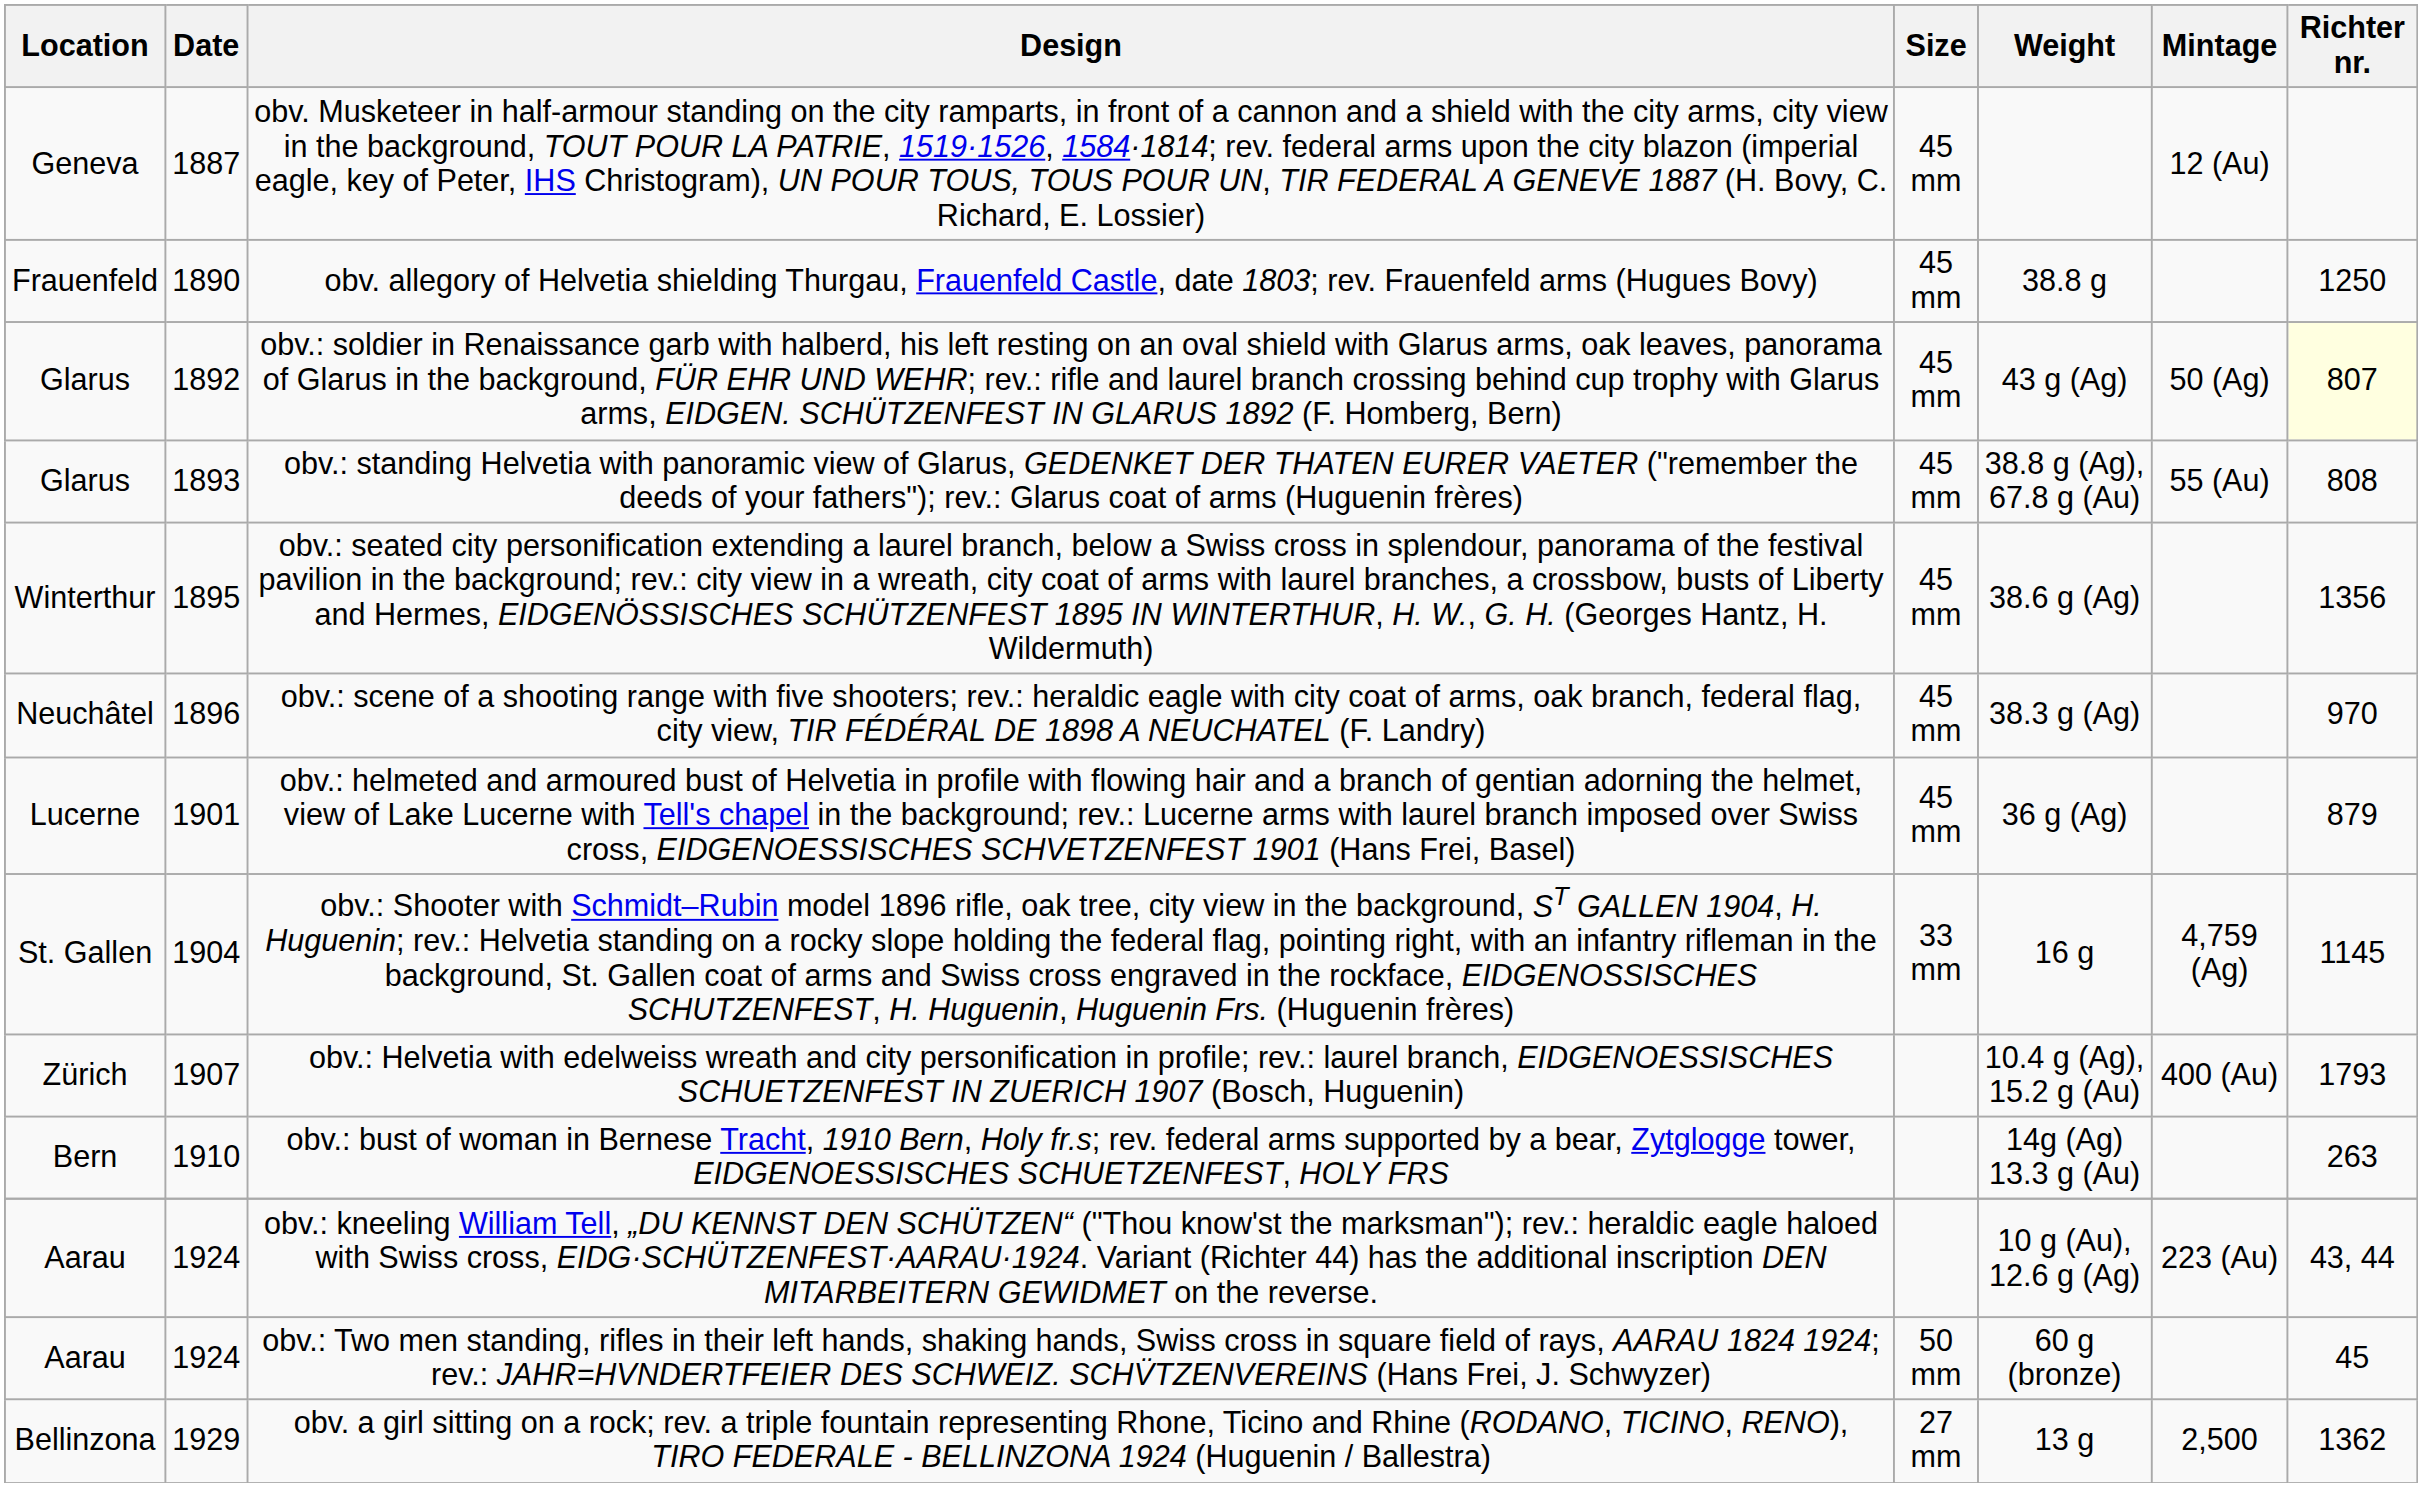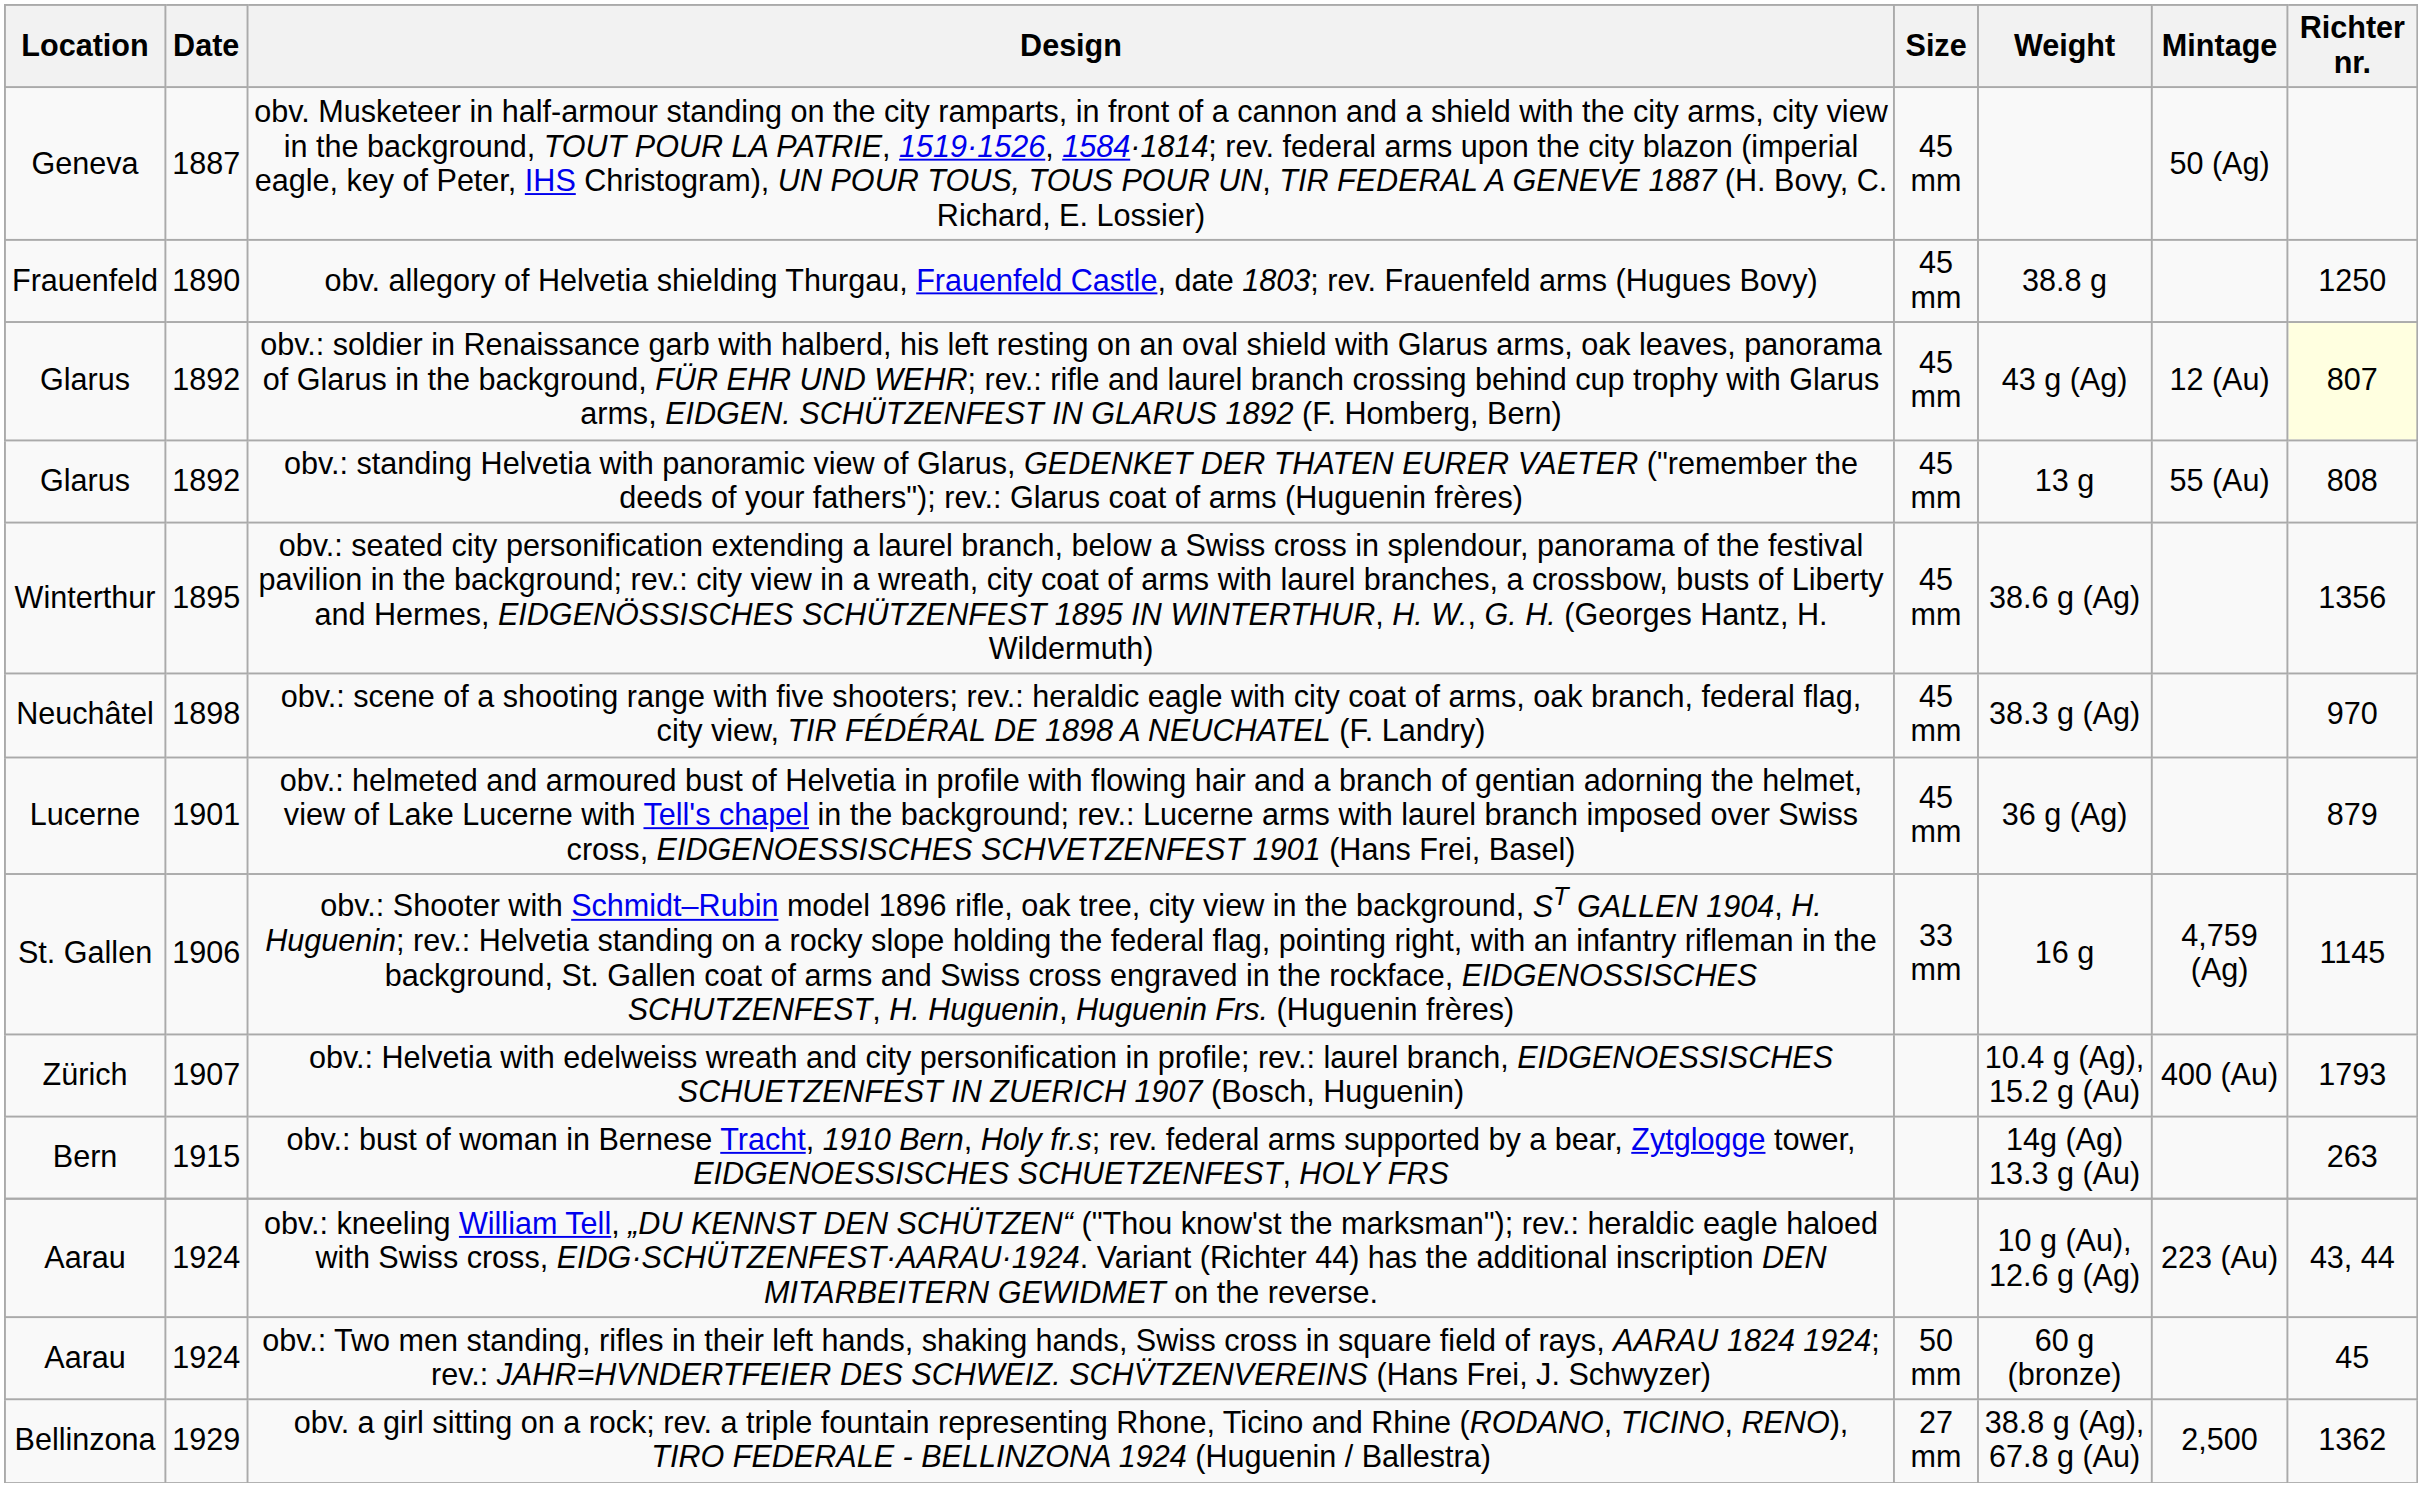 <table class="wikitable sortable" width="100%" style="text-align:center;">
 <tr>
 <th scope="col">Location</th>
 <th scope="col">Date</th>
 <th scope="col">Design</th>
 <th scope="col">Size</th>
 <th scope="col">Weight</th>
 <th scope="col">Mintage</th>
 <th scope="col">Richter nr.</th>
 </tr>
 <tr>
 <td>Geneva</td>
 <td>1887</td>
 <td>obv. Musketeer in half-armour standing on the city ramparts, in front of a cannon and a shield with the city arms, city view in the background, <em>TOUT POUR LA PATRIE</em>, <em><a href='#'>1519·1526</a></em>, <em><a href='#'>1584</a>·1814</em>; rev. federal arms upon the city blazon (imperial eagle, key of Peter, <a href='#'>IHS</a> Christogram), <em>UN POUR TOUS, TOUS POUR UN</em>, <em>TIR FEDERAL A GENEVE 1887</em>  (H. Bovy, C. Richard, E. Lossier)</td>
 <td>45 mm</td>
 <td></td>
-<td>12 (Au)</td>
+<td>50 (Ag)</td>
 <td></td>
 </tr>
 <tr>
 <td>Frauenfeld</td>
 <td>1890</td>
 <td>obv. allegory of Helvetia shielding Thurgau, <a href='#'>Frauenfeld Castle</a>, date <em>1803</em>; rev. Frauenfeld arms (Hugues Bovy)</td>
 <td>45 mm</td>
 <td>38.8 g</td>
 <td></td>
 <td>1250</td>
 </tr>
 <tr>
 <td>Glarus</td>
 <td>1892</td>
 <td>obv.: soldier in Renaissance garb with halberd, his left resting on an oval shield with Glarus arms, oak leaves, panorama of Glarus in the background, <em>FÜR EHR UND WEHR</em>; rev.: rifle and laurel branch crossing behind cup trophy with Glarus arms, <em>EIDGEN. SCHÜTZENFEST IN GLARUS 1892</em> (F. Homberg, Bern)</td>
 <td>45 mm</td>
 <td>43 g (Ag)</td>
-<td>50 (Ag)</td>
+<td>12 (Au)</td>
 <td style="background: lightyellow;">807</td>
 </tr>
 <tr>
 <td>Glarus</td>
-<td>1893</td>
+<td>1892</td>
 <td>obv.: standing Helvetia with panoramic view of Glarus, <em>GEDENKET DER THATEN EURER VAETER</em> ("remember the deeds of your fathers"); rev.: Glarus coat of arms (Huguenin frères)</td>
 <td>45 mm</td>
-<td>38.8 g (Ag), 67.8 g (Au)</td>
+<td>13 g</td>
 <td>55 (Au)</td>
 <td>808</td>
 </tr>
 <tr>
 <td>Winterthur</td>
 <td>1895</td>
 <td>obv.: seated city personification extending a laurel branch, below a Swiss cross in splendour, panorama of the festival pavilion in the background; rev.: city view in a wreath, city coat of arms with laurel branches, a crossbow, busts of Liberty and Hermes, <em>EIDGENÖSSISCHES SCHÜTZENFEST 1895 IN WINTERTHUR</em>, <em>H. W.</em>, <em>G. H.</em> (Georges Hantz, H. Wildermuth)</td>
 <td>45 mm</td>
 <td>38.6 g (Ag)</td>
 <td></td>
 <td>1356</td>
 </tr>
 <tr>
 <td>Neuchâtel</td>
-<td>1896</td>
+<td>1898</td>
 <td>obv.: scene of a shooting range with five shooters; rev.: heraldic eagle with city coat of arms, oak branch, federal flag, city view, <em>TIR FÉDÉRAL DE 1898 A NEUCHATEL</em> (F. Landry)</td>
 <td>45 mm</td>
 <td>38.3 g (Ag)</td>
 <td></td>
 <td>970</td>
 </tr>
 <tr>
 <td>Lucerne</td>
 <td>1901</td>
 <td>obv.: helmeted and armoured bust of Helvetia in profile with flowing hair and a branch of gentian adorning the helmet, view of Lake Lucerne with <a href='#'>Tell's chapel</a> in the background; rev.: Lucerne arms with laurel branch imposed over Swiss cross, <em>EIDGENOESSISCHES SCHVETZENFEST 1901</em> (Hans Frei, Basel)</td>
 <td>45 mm</td>
 <td>36 g (Ag)</td>
 <td></td>
 <td>879</td>
 </tr>
 <tr>
 <td>St. Gallen</td>
-<td>1904</td>
+<td>1906</td>
 <td>obv.: Shooter with <a href='#'>Schmidt–Rubin</a> model 1896 rifle, oak tree, city view in the background, <em>S<sup>T</sup> GALLEN 1904</em>, <em>H. Huguenin</em>; rev.: Helvetia standing on a rocky slope holding the federal flag, pointing right, with an infantry rifleman in the background, St. Gallen coat of arms and Swiss cross engraved in the rockface,  <em>EIDGENOSSISCHES SCHUTZENFEST</em>, <em>H. Huguenin</em>, <em>Huguenin Frs.</em> (Huguenin frères)</td>
 <td>33 mm</td>
 <td>16 g</td>
 <td>4,759 (Ag)</td>
 <td>1145</td>
 </tr>
 <tr>
 <td>Zürich</td>
 <td>1907</td>
 <td>obv.: Helvetia with edelweiss wreath and city personification in profile; rev.: laurel branch, <em>EIDGENOESSISCHES SCHUETZENFEST IN ZUERICH 1907</em> (Bosch, Huguenin)</td>
 <td></td>
 <td>10.4 g (Ag), 15.2 g (Au)</td>
 <td>400 (Au)</td>
 <td>1793</td>
 </tr>
 <tr>
 <td>Bern</td>
-<td>1910</td>
+<td>1915</td>
 <td>obv.: bust of woman in Bernese <a href='#'>Tracht</a>, <em>1910 Bern</em>, <em>Holy fr.s</em>; rev. federal arms supported by a bear, <a href='#'>Zytglogge</a> tower, <em>EIDGENOESSISCHES SCHUETZENFEST</em>, <em>HOLY FRS</em></td>
 <td></td>
 <td>14g (Ag) 13.3 g (Au)</td>
 <td></td>
 <td>263</td>
 </tr>
 <tr>
 </tr>
 <tr>
 <td>Aarau</td>
 <td>1924</td>
 <td>obv.: kneeling <a href='#'>William Tell</a>, <em>„DU KENNST DEN SCHÜTZEN“</em> ("Thou know'st the marksman"); rev.: heraldic eagle haloed with Swiss cross, <em>EIDG·SCHÜTZENFEST·AARAU·1924</em>. Variant (Richter 44) has the additional inscription <em>DEN MITARBEITERN GEWIDMET</em> on the reverse.</td>
 <td></td>
 <td>10 g (Au), 12.6 g (Ag)</td>
 <td>223 (Au)</td>
 <td>43, 44</td>
 </tr>
 <tr>
 <td>Aarau</td>
 <td>1924</td>
 <td>obv.: Two men standing, rifles in their left hands, shaking hands, Swiss cross in square field of rays, <em>AARAU 1824 1924</em>; rev.: <em>JAHR=HVNDERTFEIER DES SCHWEIZ. SCHV̈TZENVEREINS</em> (Hans Frei, J. Schwyzer)</td>
 <td>50 mm</td>
 <td>60 g (bronze)</td>
 <td></td>
 <td>45<br></td>
 </tr>
 <tr>
 <td>Bellinzona</td>
 <td>1929</td>
 <td>obv. a girl sitting on a rock; rev. a triple fountain representing Rhone, Ticino and Rhine (<em>RODANO</em>, <em>TICINO</em>, <em>RENO</em>), <em>TIRO FEDERALE - BELLINZONA 1924</em> (Huguenin / Ballestra)</td>
 <td>27 mm</td>
-<td>13 g</td>
+<td>38.8 g (Ag), 67.8 g (Au)</td>
 <td>2,500</td>
 <td>1362</td>
 </tr>
 <tr>
 </tr>
 </table>
